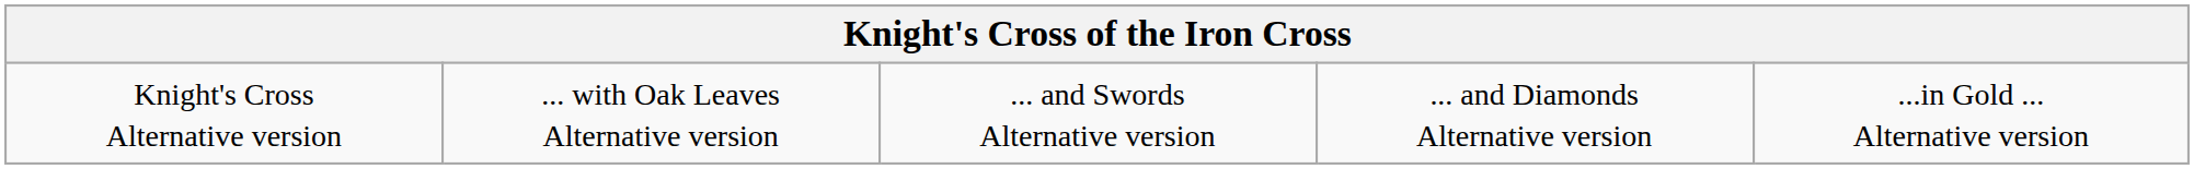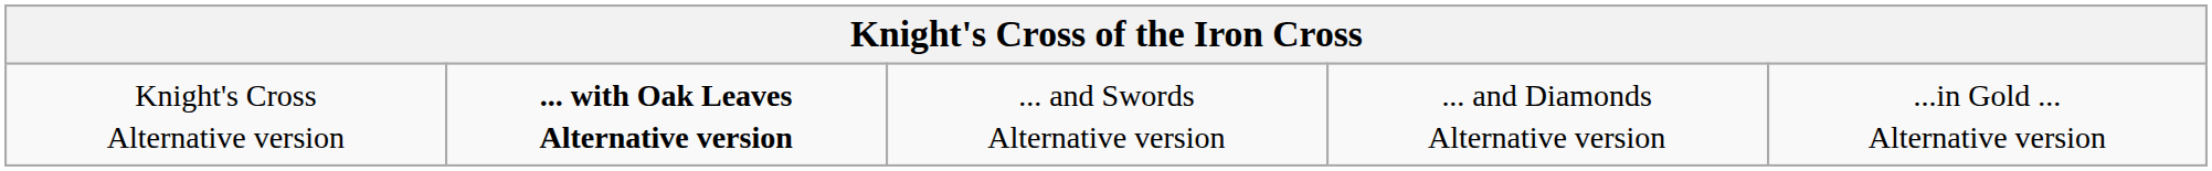 <table class="wikitable" style="margin:left; width:60%;">
 <tr>
 <th colspan=5><strong>Knight's Cross of the Iron Cross</strong></th>
 </tr>
 <tr>
 <td style="vertical-align:top; width:20%; text-align:center;"><small>Knight's Cross<br>Alternative version</small></td>
-<td style="vertical-align:top; width:20%; text-align:center;"><small>... with Oak Leaves<br>Alternative version</small></td>
+<td style="vertical-align:top; width:20%; text-align:center;"><strong><small>... with Oak Leaves<br>Alternative version</small></strong></td>
 <td style="vertical-align:top; width:20%; text-align:center;"><small>... and Swords<br>Alternative version</small></td>
 <td style="vertical-align:top; width:20%; text-align:center;"><small>... and Diamonds<br>Alternative version</small></td>
 <td style="vertical-align:top; width:20%; text-align:center;"><small>...in Gold ...<br>Alternative version</small></td>
 </tr>
 </table>
